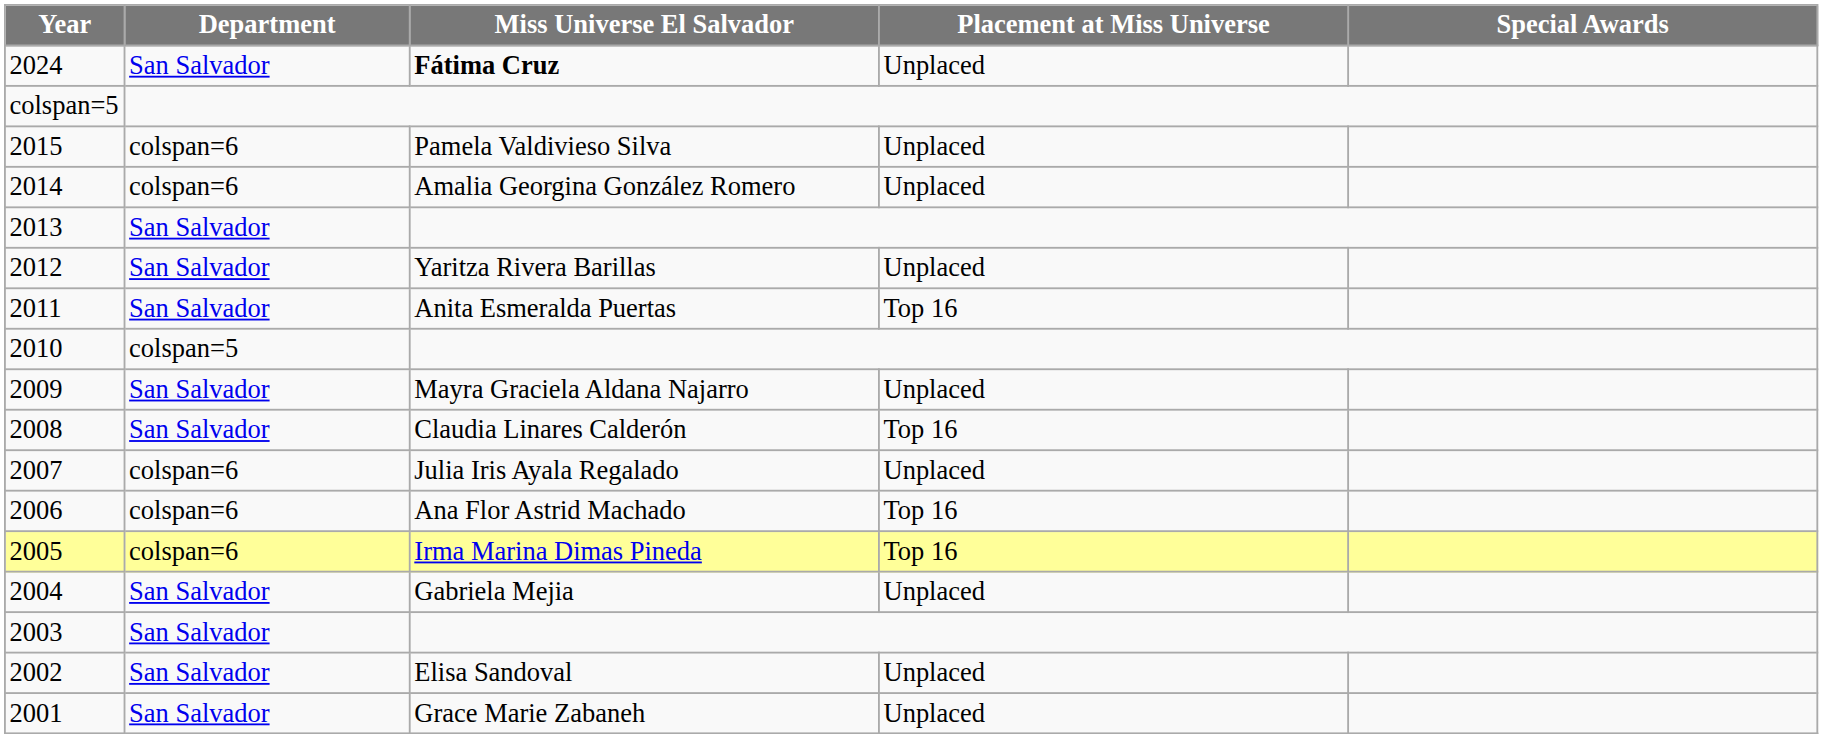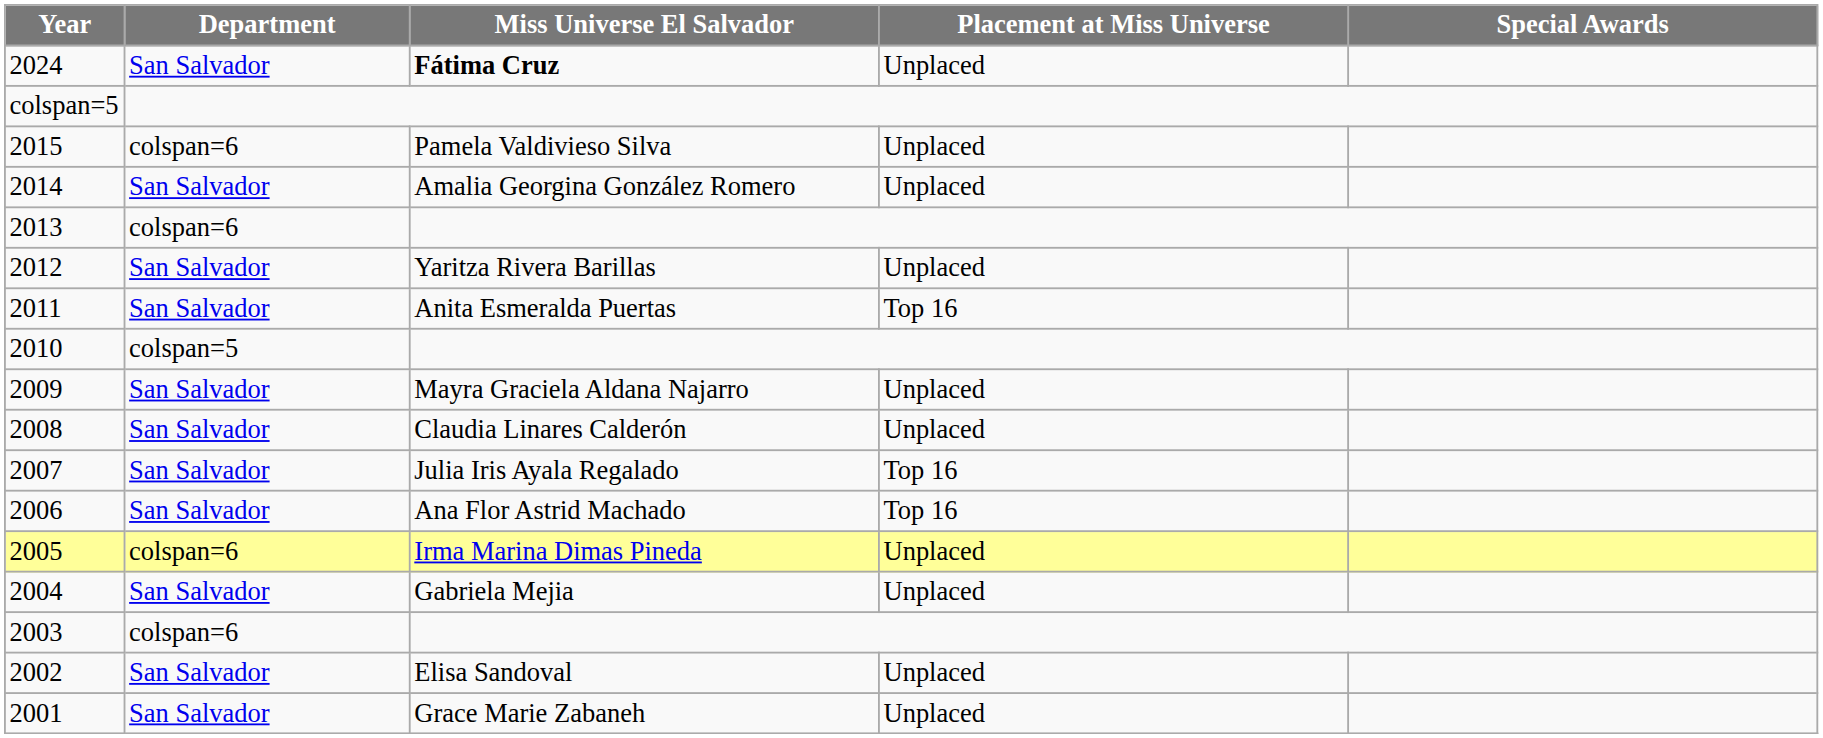 <table class="sortable" border="5" cellpadding="2" cellspacing="0" align=" 0 1em 0 0" style="background: #f9f9f9; border: 1px #aaa solid; border-collapse: collapse; font-size: 90%">
 <tr>
 <th width="60" style="background-color:#787878;color:#FFFFFF;">Year</th>
 <th width="150" style="background-color:#787878;color:#FFFFFF;">Department</th>
 <th width="250" style="background-color:#787878;color:#FFFFFF;">Miss Universe El Salvador</th>
 <th width="250" style="background-color:#787878;color:#FFFFFF;">Placement at Miss Universe</th>
 <th width="250" style="background-color:#787878;color:#FFFFFF;">Special Awards</th>
 </tr>
 <tr>
 <td>2024</td>
 <td><a href='#'>San Salvador</a></td>
 <td><strong>Fátima Cruz</strong></td>
 <td>Unplaced</td>
 <td></td>
 </tr>
 <tr>
 <td>colspan=5 </td>
 </tr>
 <tr>
 <td>2015</td>
 <td>colspan=6 </td>
 <td>Pamela Valdivieso Silva</td>
 <td>Unplaced</td>
 <td></td>
 </tr>
 <tr>
 <td>2014</td>
-<td>colspan=6 </td>
+<td><a href='#'>San Salvador</a></td>
 <td>Amalia Georgina González Romero</td>
 <td>Unplaced</td>
 <td></td>
 </tr>
 <tr>
 <td>2013</td>
-<td><a href='#'>San Salvador</a></td>
+<td>colspan=6 </td>
 </tr>
 <tr>
 <td>2012</td>
 <td><a href='#'>San Salvador</a></td>
 <td>Yaritza Rivera Barillas</td>
 <td>Unplaced</td>
 <td></td>
 </tr>
 <tr>
 <td>2011</td>
 <td><a href='#'>San Salvador</a></td>
 <td>Anita Esmeralda Puertas</td>
 <td>Top 16</td>
 <td></td>
 </tr>
 <tr>
 <td>2010</td>
 <td>colspan=5 </td>
 </tr>
 <tr>
 <td>2009</td>
 <td><a href='#'>San Salvador</a></td>
 <td>Mayra Graciela Aldana Najarro</td>
 <td>Unplaced</td>
 <td></td>
 </tr>
 <tr>
 <td>2008</td>
 <td><a href='#'>San Salvador</a></td>
 <td>Claudia Linares Calderón</td>
+<td>Unplaced</td>
+<td></td>
+</tr>
+<tr>
+<td>2007</td>
+<td><a href='#'>San Salvador</a></td>
+<td>Julia Iris Ayala Regalado</td>
 <td>Top 16</td>
 <td></td>
 </tr>
 <tr>
-<td>2007</td>
-<td>colspan=6 </td>
-<td>Julia Iris Ayala Regalado</td>
-<td>Unplaced</td>
-<td></td>
-</tr>
-<tr>
 <td>2006</td>
-<td>colspan=6 </td>
+<td><a href='#'>San Salvador</a></td>
 <td>Ana Flor Astrid Machado</td>
 <td>Top 16</td>
 <td></td>
 </tr>
 <tr style="background-color:#FFFF99;">
 <td>2005</td>
 <td>colspan=6 </td>
 <td><a href='#'>Irma Marina Dimas Pineda</a></td>
-<td>Top 16</td>
+<td>Unplaced</td>
 <td></td>
 </tr>
 <tr>
 <td>2004</td>
 <td><a href='#'>San Salvador</a></td>
 <td>Gabriela Mejia</td>
 <td>Unplaced</td>
 <td></td>
 </tr>
 <tr>
 <td>2003</td>
-<td><a href='#'>San Salvador</a></td>
+<td>colspan=6 </td>
 </tr>
 <tr>
 <td>2002</td>
 <td><a href='#'>San Salvador</a></td>
 <td>Elisa Sandoval</td>
 <td>Unplaced</td>
 <td></td>
 </tr>
 <tr>
 <td>2001</td>
 <td><a href='#'>San Salvador</a></td>
 <td>Grace Marie Zabaneh</td>
 <td>Unplaced</td>
 <td></td>
 </tr>
 <tr>
 </tr>
 </table>
